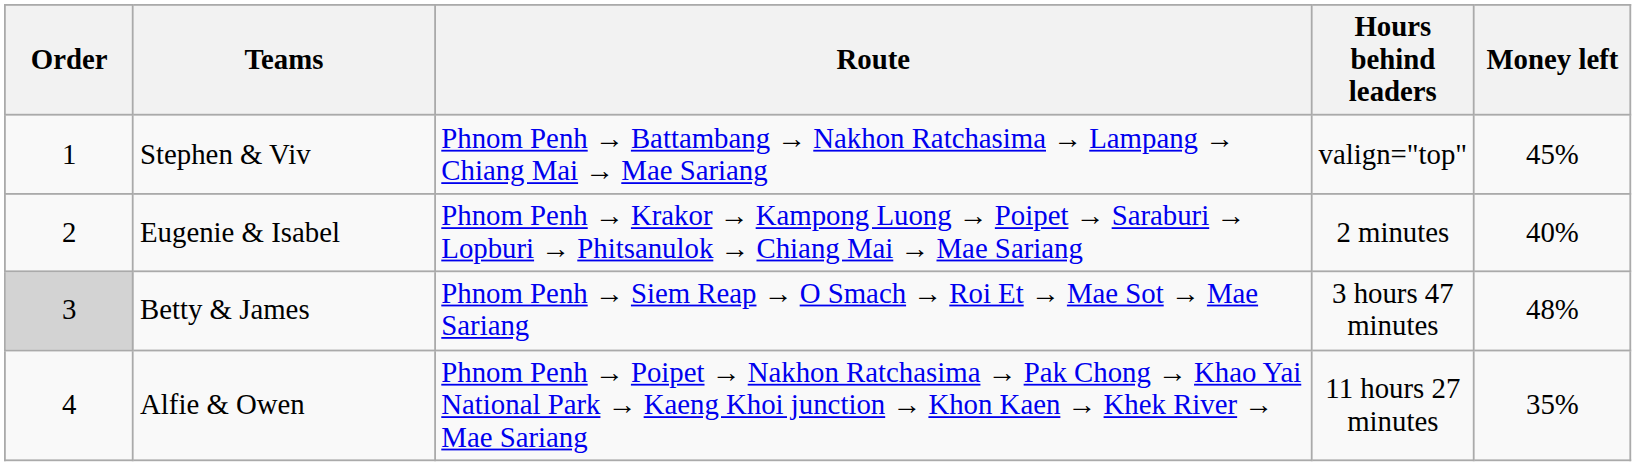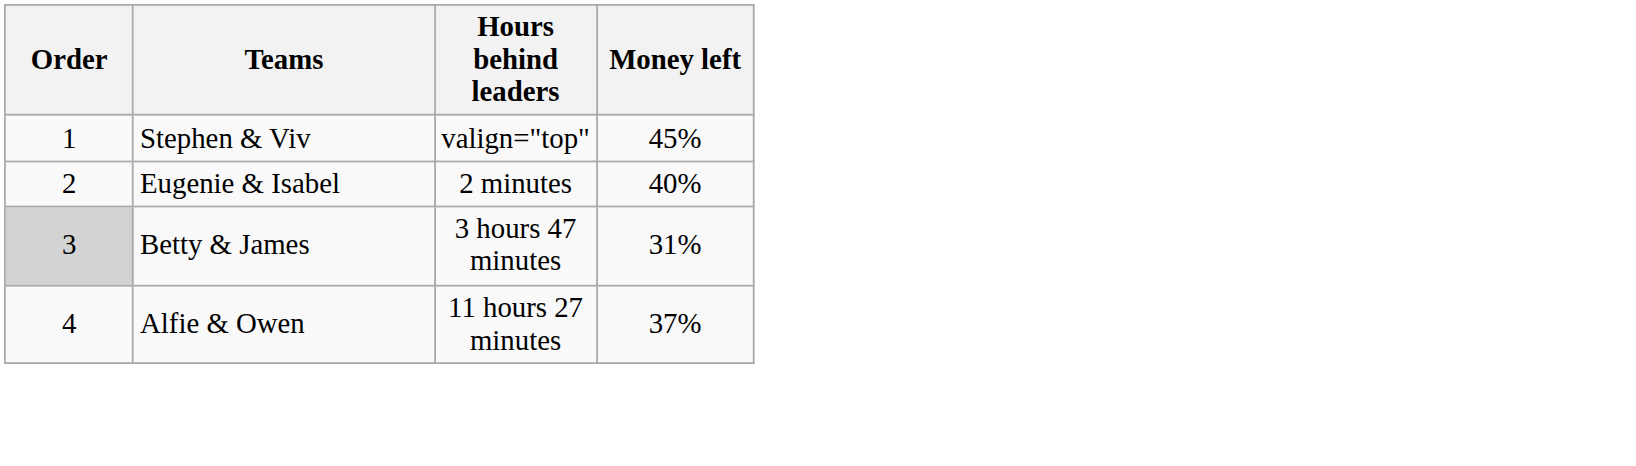 <table class="wikitable sortable" style="text-align:center">
 <tr>
 <th style="width:4em">Order</th>
 <th style="width:10em">Teams</th>
-<th style="width:30em">Route</th>
 <th style="width:5em">Hours behind leaders</th>
 <th style="width:5em">Money left</th>
 </tr>
 <tr>
 <td>1</td>
 <td style="text-align:left">Stephen & Viv</td>
-<td style="text-align:left"><a href='#'>Phnom Penh</a>  → <a href='#'>Battambang</a>   → <a href='#'>Nakhon Ratchasima</a>  → <a href='#'>Lampang</a>  → <a href='#'>Chiang Mai</a>  → <a href='#'>Mae Sariang</a></td>
 <td>valign="top" </td>
 <td>45%</td>
 </tr>
 <tr>
 <td>2</td>
 <td style="text-align:left">Eugenie & Isabel</td>
-<td style="text-align:left"><a href='#'>Phnom Penh</a> → <a href='#'>Krakor</a> →  <a href='#'>Kampong Luong</a>  → <a href='#'>Poipet</a>  → <a href='#'>Saraburi</a>  → <a href='#'>Lopburi</a>  → <a href='#'>Phitsanulok</a>  → <a href='#'>Chiang Mai</a>  → <a href='#'>Mae Sariang</a></td>
 <td>2 minutes</td>
 <td>40%</td>
 </tr>
 <tr>
 <td style="background: lightgrey;">3</td>
 <td style="text-align:left">Betty & James</td>
-<td style="text-align:left"><a href='#'>Phnom Penh</a>  → <a href='#'>Siem Reap</a>  → <a href='#'>O Smach</a>  → <a href='#'>Roi Et</a>  → <a href='#'>Mae Sot</a>  → <a href='#'>Mae Sariang</a></td>
 <td>3 hours 47 minutes</td>
-<td>48%</td>
+<td>31%</td>
 </tr>
 <tr>
 <td>4</td>
 <td style="text-align:left">Alfie & Owen</td>
-<td style="text-align:left"><a href='#'>Phnom Penh</a>  → <a href='#'>Poipet</a>  → <a href='#'>Nakhon Ratchasima</a>  → <a href='#'>Pak Chong</a>  → <a href='#'>Khao Yai National Park</a>   → <a href='#'>Kaeng Khoi junction</a>  → <a href='#'>Khon Kaen</a> → <a href='#'>Khek River</a>   → <a href='#'>Mae Sariang</a></td>
 <td>11 hours 27 minutes</td>
-<td>35%</td>
+<td>37%</td>
 </tr>
 </table>
